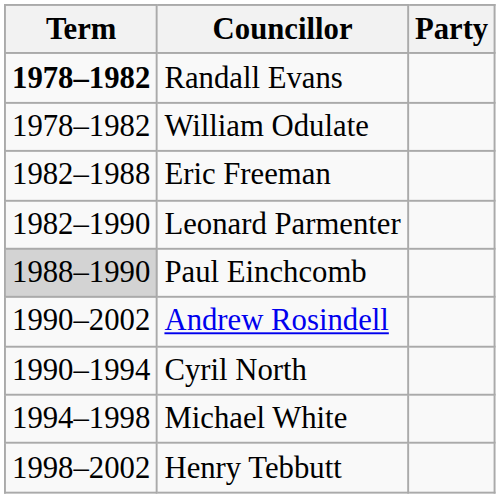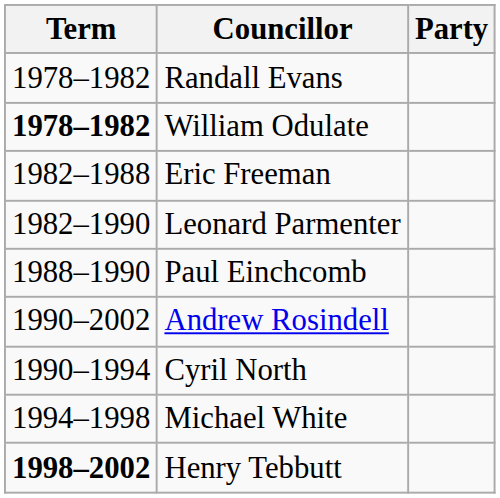 <table class="wikitable">
 <tr>
 <th>Term</th>
 <th>Councillor</th>
 <th colspan=2>Party</th>
 </tr>
 <tr>
-<td><strong>1978–1982</strong></td>
+<td>1978–1982</td>
 <td>Randall Evans</td>
 <td></td>
 </tr>
 <tr>
-<td>1978–1982</td>
+<td><strong>1978–1982</strong></td>
 <td>William Odulate</td>
 <td></td>
 </tr>
 <tr>
 <td>1982–1988</td>
 <td>Eric Freeman</td>
 <td></td>
 </tr>
 <tr>
 <td>1982–1990</td>
 <td>Leonard Parmenter</td>
 <td></td>
 </tr>
 <tr>
-<td style="background: lightgrey;">1988–1990</td>
+<td>1988–1990</td>
 <td>Paul Einchcomb</td>
 <td></td>
 </tr>
 <tr>
 <td>1990–2002</td>
 <td><a href='#'>Andrew Rosindell</a></td>
 <td></td>
 </tr>
 <tr>
 <td>1990–1994</td>
 <td>Cyril North</td>
 <td></td>
 </tr>
 <tr>
 <td>1994–1998</td>
 <td>Michael White</td>
 <td></td>
 </tr>
 <tr>
-<td>1998–2002</td>
+<td><strong>1998–2002</strong></td>
 <td>Henry Tebbutt</td>
 <td></td>
 </tr>
 </table>
